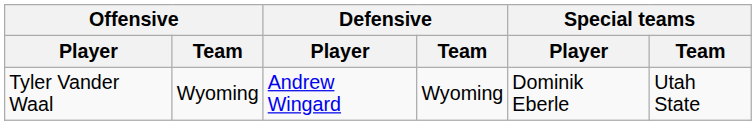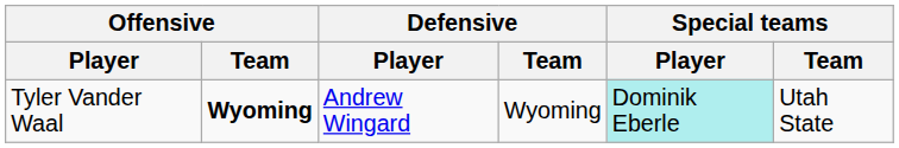 <table class="wikitable">
 <tr>
 <th colspan="2">Offensive</th>
 <th colspan="2">Defensive</th>
 <th colspan="2">Special teams</th>
 </tr>
 <tr>
 <th>Player</th>
 <th>Team</th>
 <th>Player</th>
 <th>Team</th>
 <th>Player</th>
 <th>Team</th>
 </tr>
 <tr>
 <td>Tyler Vander Waal</td>
-<td>Wyoming</td>
+<td><strong>Wyoming</strong></td>
 <td><a href='#'>Andrew Wingard</a></td>
 <td>Wyoming</td>
-<td>Dominik Eberle</td>
+<td style="background: paleturquoise;">Dominik Eberle</td>
 <td>Utah State</td>
 </tr>
 </table>
